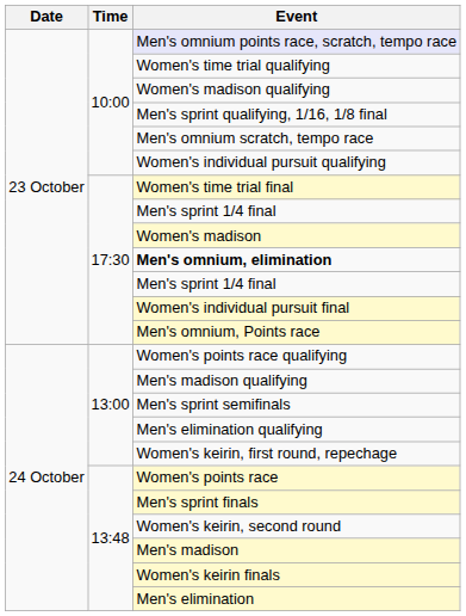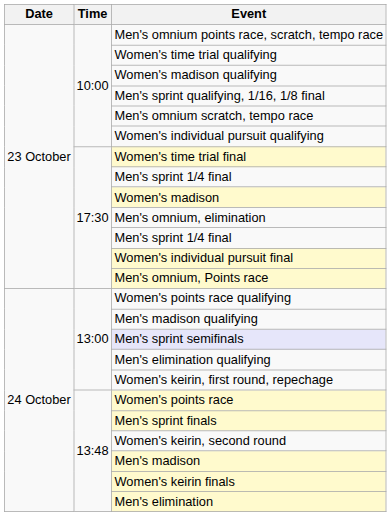 <table class="wikitable">
 <tr>
 <th>Date</th>
 <th>Time</th>
 <th>Event</th>
 </tr>
 <tr>
 <td rowspan=13>23 October</td>
 <td rowspan=6>10:00</td>
-<td style="background: lavender;">Men's omnium points race, scratch, tempo race</td>
+<td>Men's omnium points race, scratch, tempo race</td>
 </tr>
 <tr>
 <td>Women's time trial qualifying</td>
 </tr>
 <tr>
 <td>Women's madison qualifying</td>
 </tr>
 <tr>
 <td>Men's sprint qualifying, 1/16, 1/8 final</td>
 </tr>
 <tr>
 <td>Men's omnium scratch, tempo race</td>
 </tr>
 <tr>
 <td>Women's individual pursuit qualifying</td>
 </tr>
 <tr>
 <td rowspan=7>17:30</td>
 <td style="background:lemonchiffon">Women's time trial final</td>
 </tr>
 <tr>
 <td>Men's sprint 1/4 final</td>
 </tr>
 <tr>
 <td style="background:lemonchiffon">Women's madison</td>
 </tr>
 <tr>
-<td><strong>Men's omnium, elimination</strong></td>
+<td>Men's omnium, elimination</td>
 </tr>
 <tr>
 <td>Men's sprint 1/4 final</td>
 </tr>
 <tr>
 <td style="background:lemonchiffon">Women's individual pursuit final</td>
 </tr>
 <tr>
 <td style="background:lemonchiffon">Men's omnium, Points race</td>
 </tr>
 <tr>
 <td rowspan=11>24 October</td>
 <td rowspan=5>13:00</td>
 <td>Women's points race qualifying</td>
 </tr>
 <tr>
 <td>Men's madison qualifying</td>
 </tr>
 <tr>
-<td>Men's sprint semifinals</td>
+<td style="background: lavender;">Men's sprint semifinals</td>
 </tr>
 <tr>
 <td>Men's elimination qualifying</td>
 </tr>
 <tr>
 <td>Women's keirin, first round, repechage</td>
 </tr>
 <tr>
 <td rowspan=6>13:48</td>
 <td style="background:lemonchiffon">Women's points race</td>
 </tr>
 <tr>
 <td style="background:lemonchiffon">Men's sprint finals</td>
 </tr>
 <tr>
 <td>Women's keirin, second round</td>
 </tr>
 <tr>
 <td style="background:lemonchiffon">Men's madison</td>
 </tr>
 <tr>
 <td style="background:lemonchiffon">Women's keirin finals</td>
 </tr>
 <tr>
 <td style="background:lemonchiffon">Men's elimination</td>
 </tr>
 </table>
